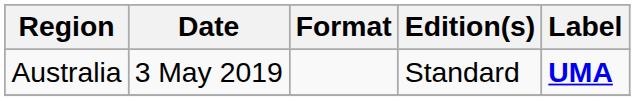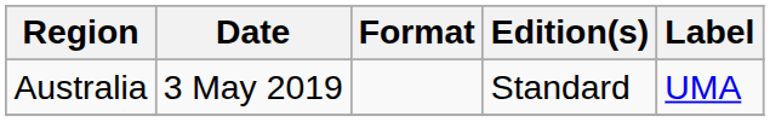 <table class="wikitable plainrowheaders">
 <tr>
 <th scope="col">Region</th>
 <th scope="col">Date</th>
 <th scope="col">Format</th>
 <th scope="col">Edition(s)</th>
 <th scope="col">Label</th>
 </tr>
 <tr>
 <td>Australia</td>
 <td>3 May 2019</td>
 <td></td>
 <td>Standard</td>
-<td><strong><a href='#'>UMA</a></strong></td>
+<td><a href='#'>UMA</a></td>
 </tr>
 <tr>
 </tr>
 </table>
